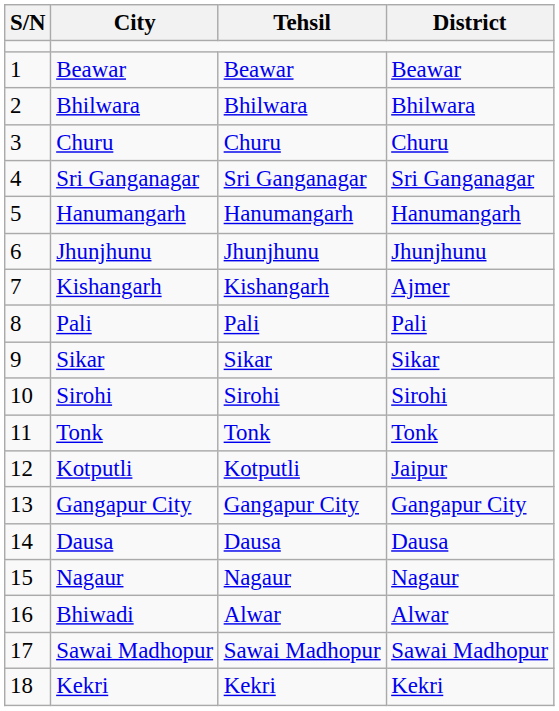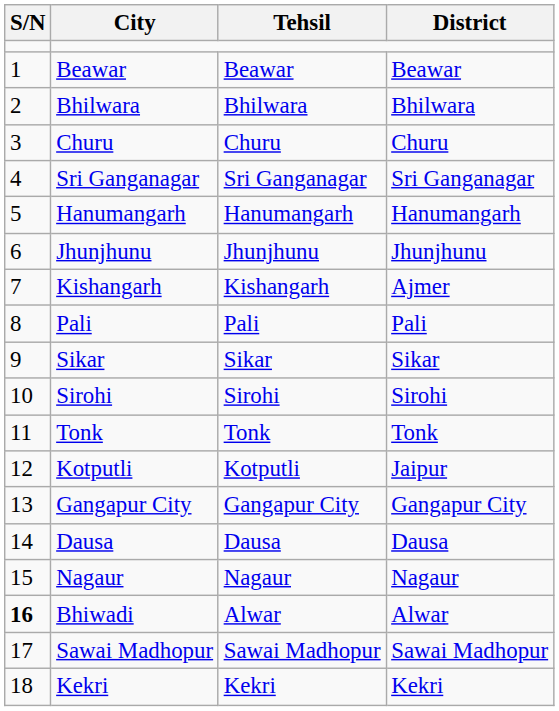 <table class="wikitable">
 <tr>
 <th>S/N</th>
 <th>City</th>
 <th>Tehsil</th>
 <th>District</th>
 </tr>
 <tr>
 <td></td>
 </tr>
 <tr>
 <td>1</td>
 <td><a href='#'>Beawar</a></td>
 <td><a href='#'>Beawar</a></td>
 <td><a href='#'>Beawar</a></td>
 </tr>
 <tr>
 <td>2</td>
 <td><a href='#'>Bhilwara</a></td>
 <td><a href='#'>Bhilwara</a></td>
 <td><a href='#'>Bhilwara</a></td>
 </tr>
 <tr>
 <td>3</td>
 <td><a href='#'>Churu</a></td>
 <td><a href='#'>Churu</a></td>
 <td><a href='#'>Churu</a></td>
 </tr>
 <tr>
 <td>4</td>
 <td><a href='#'>Sri Ganganagar</a></td>
 <td><a href='#'>Sri Ganganagar</a></td>
 <td><a href='#'>Sri Ganganagar</a></td>
 </tr>
 <tr>
 <td>5</td>
 <td><a href='#'>Hanumangarh</a></td>
 <td><a href='#'>Hanumangarh</a></td>
 <td><a href='#'>Hanumangarh</a></td>
 </tr>
 <tr>
 <td>6</td>
 <td><a href='#'>Jhunjhunu</a></td>
 <td><a href='#'>Jhunjhunu</a></td>
 <td><a href='#'>Jhunjhunu</a></td>
 </tr>
 <tr>
 <td>7</td>
 <td><a href='#'>Kishangarh</a></td>
 <td><a href='#'>Kishangarh</a></td>
 <td><a href='#'>Ajmer</a></td>
 </tr>
 <tr>
 <td>8</td>
 <td><a href='#'>Pali</a></td>
 <td><a href='#'>Pali</a></td>
 <td><a href='#'>Pali</a></td>
 </tr>
 <tr>
 <td>9</td>
 <td><a href='#'>Sikar</a></td>
 <td><a href='#'>Sikar</a></td>
 <td><a href='#'>Sikar</a></td>
 </tr>
 <tr>
 <td>10</td>
 <td><a href='#'>Sirohi</a></td>
 <td><a href='#'>Sirohi</a></td>
 <td><a href='#'>Sirohi</a></td>
 </tr>
 <tr>
 <td>11</td>
 <td><a href='#'>Tonk</a></td>
 <td><a href='#'>Tonk</a></td>
 <td><a href='#'>Tonk</a></td>
 </tr>
 <tr>
 <td>12</td>
 <td><a href='#'>Kotputli</a></td>
 <td><a href='#'>Kotputli</a></td>
 <td><a href='#'>Jaipur</a></td>
 </tr>
 <tr>
 <td>13</td>
 <td><a href='#'>Gangapur City</a></td>
 <td><a href='#'>Gangapur City</a></td>
 <td><a href='#'>Gangapur City</a></td>
 </tr>
 <tr>
 <td>14</td>
 <td><a href='#'>Dausa</a></td>
 <td><a href='#'>Dausa</a></td>
 <td><a href='#'>Dausa</a></td>
 </tr>
 <tr>
 <td>15</td>
 <td><a href='#'>Nagaur</a></td>
 <td><a href='#'>Nagaur</a></td>
 <td><a href='#'>Nagaur</a></td>
 </tr>
 <tr>
-<td>16</td>
+<td><strong>16</strong></td>
 <td><a href='#'>Bhiwadi</a></td>
 <td><a href='#'>Alwar</a></td>
 <td><a href='#'>Alwar</a></td>
 </tr>
 <tr>
 <td>17</td>
 <td><a href='#'>Sawai Madhopur</a></td>
 <td><a href='#'>Sawai Madhopur</a></td>
 <td><a href='#'>Sawai Madhopur</a></td>
 </tr>
 <tr>
 <td>18</td>
 <td><a href='#'>Kekri</a></td>
 <td><a href='#'>Kekri</a></td>
 <td><a href='#'>Kekri</a></td>
 </tr>
 </table>
